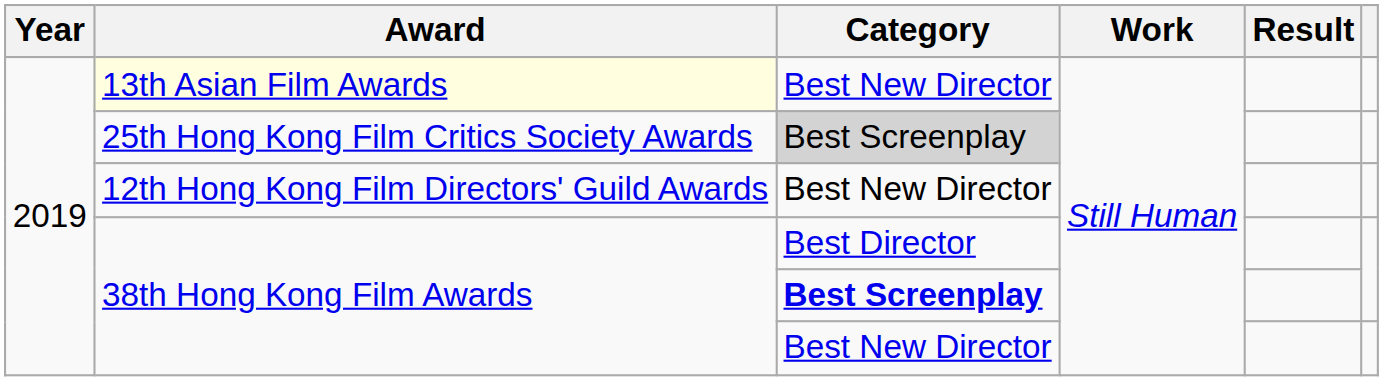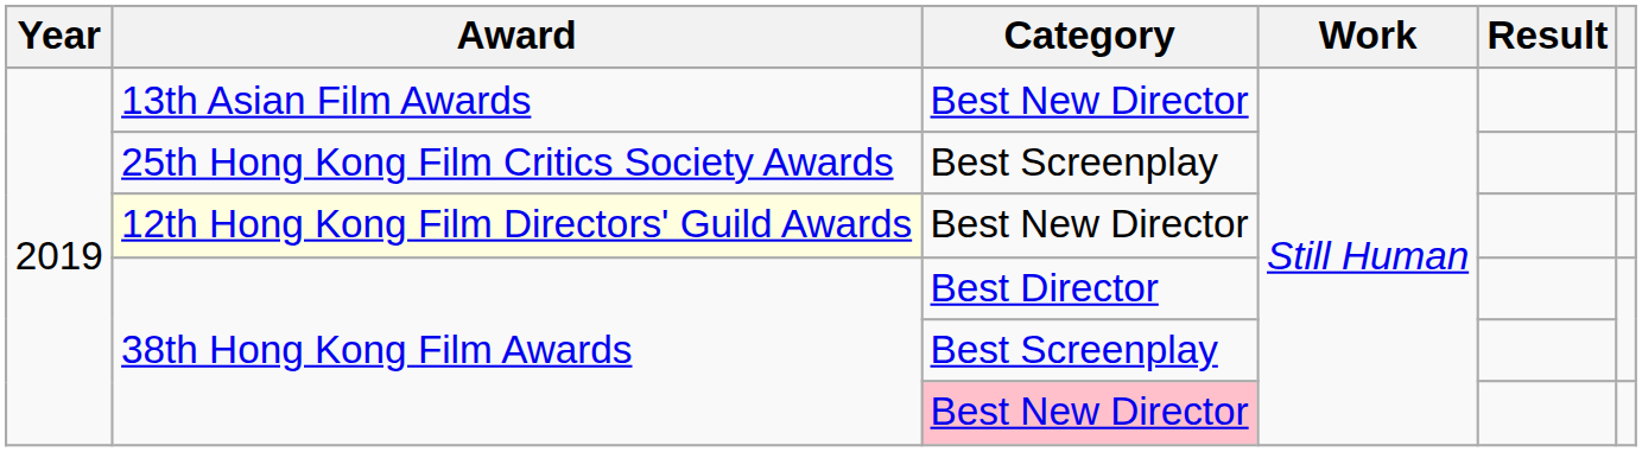 <table class="wikitable plainrowheaders">
 <tr>
 <th>Year</th>
 <th>Award</th>
 <th>Category</th>
 <th>Work</th>
 <th>Result</th>
 <th></th>
 </tr>
 <tr>
 <td rowspan="6">2019</td>
-<td style="background: lightyellow;"><a href='#'>13th Asian Film Awards</a></td>
+<td><a href='#'>13th Asian Film Awards</a></td>
 <td><a href='#'>Best New Director</a></td>
 <td rowspan="6"><em><a href='#'>Still Human</a></em></td>
 <td></td>
 <td></td>
 </tr>
 <tr>
 <td><a href='#'>25th Hong Kong Film Critics Society Awards</a></td>
-<td style="background: lightgrey;">Best Screenplay</td>
+<td>Best Screenplay</td>
 <td></td>
 <td></td>
 </tr>
 <tr>
-<td><a href='#'>12th Hong Kong Film Directors' Guild Awards</a></td>
+<td style="background: lightyellow;"><a href='#'>12th Hong Kong Film Directors' Guild Awards</a></td>
 <td>Best New Director</td>
 <td></td>
 <td></td>
 </tr>
 <tr>
 <td rowspan="3"><a href='#'>38th Hong Kong Film Awards</a></td>
 <td><a href='#'>Best Director</a></td>
 <td></td>
 <td rowspan="2"></td>
 </tr>
 <tr>
-<td><strong><a href='#'>Best Screenplay</a></strong></td>
+<td><a href='#'>Best Screenplay</a></td>
 <td></td>
 </tr>
 <tr>
-<td><a href='#'>Best New Director</a></td>
+<td style="background: pink;"><a href='#'>Best New Director</a></td>
 <td></td>
 <td></td>
 </tr>
 </table>
